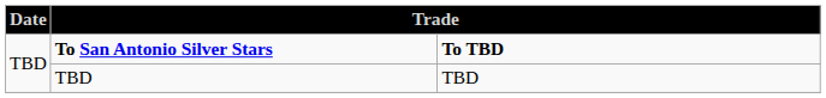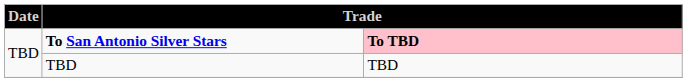 <table class="wikitable" style="width:80%">
 <tr>
 <th style="background:#000000;color:#D3D3D3; width=125">Date</th>
 <th style="background:#000000;color:#D3D3D3;" colspan=2>Trade</th>
 </tr>
 <tr>
 <td rowspan=2>TBD</td>
 <td width=375><strong>To <a href='#'>San Antonio Silver Stars</a></strong></td>
-<td width=375><strong>To TBD</strong></td>
+<td width=375 style="background: pink;"><strong>To TBD</strong></td>
 </tr>
 <tr>
 <td>TBD</td>
 <td>TBD</td>
 </tr>
 <tr>
 </tr>
 </table>
